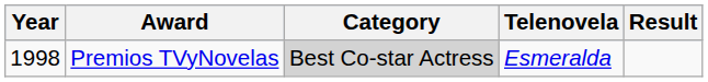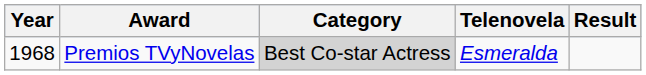 <table class="wikitable">
 <tr style="background:#b0c4de;">
 <th>Year</th>
 <th>Award</th>
 <th>Category</th>
 <th>Telenovela</th>
 <th>Result</th>
 </tr>
 <tr>
-<td>1998</td>
+<td>1968</td>
 <td><a href='#'>Premios TVyNovelas</a></td>
 <td style="background: lightgrey;">Best Co-star Actress</td>
 <td><em><a href='#'>Esmeralda</a></em></td>
 <td></td>
 </tr>
 </table>
